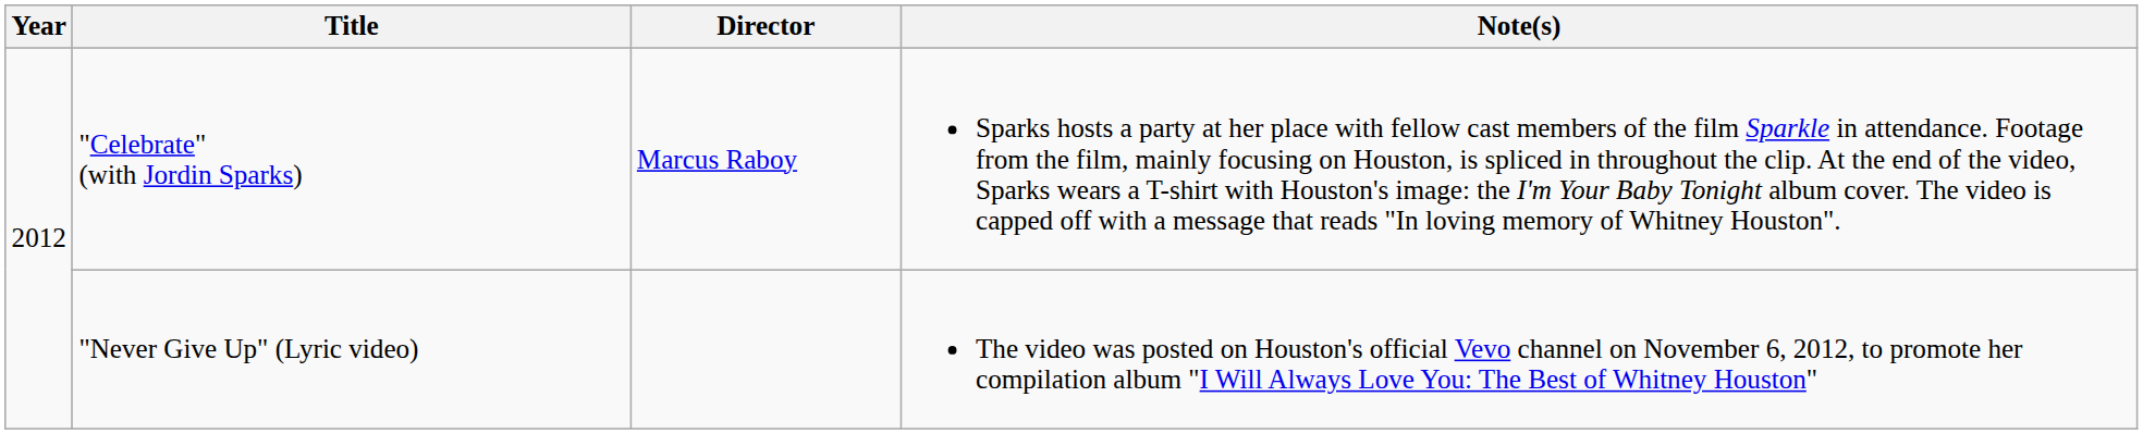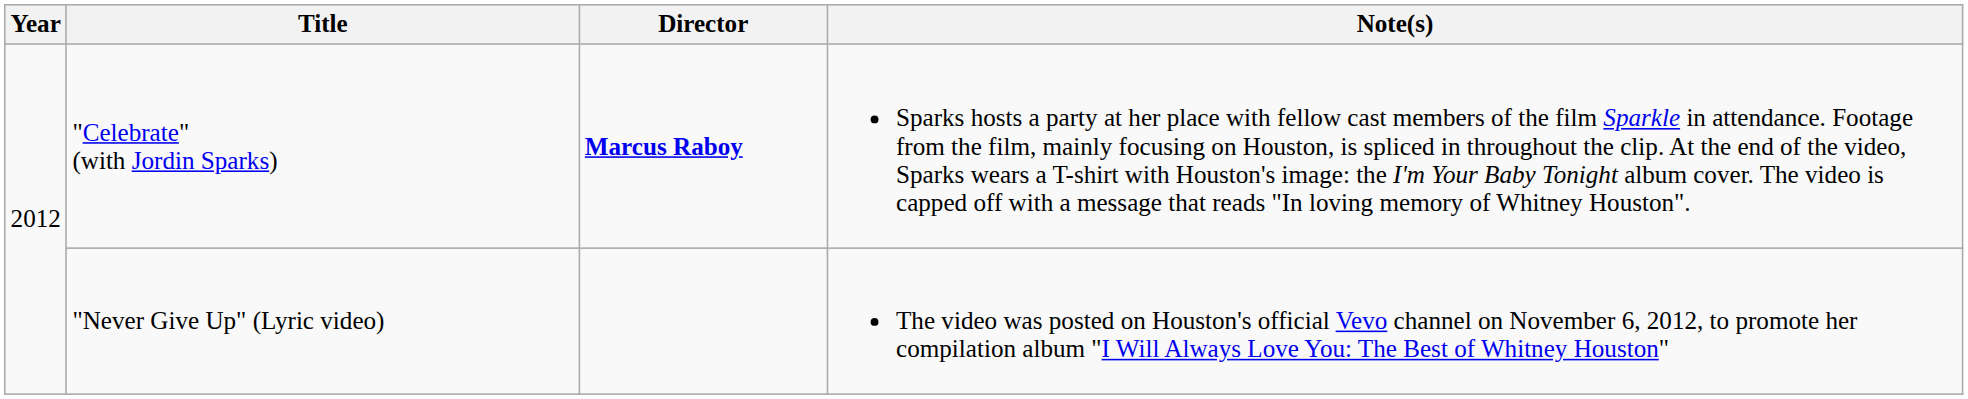 <table class="wikitable">
 <tr>
 <th style="text-align:center;">Year</th>
 <th style="text-align:center; width:27%;">Title</th>
 <th style="text-align:center; width:13%;">Director</th>
 <th style="text-align:center; width:60%;">Note(s)</th>
 </tr>
 <tr>
 <td style="text-align:center;" rowspan="2">2012</td>
 <td>"<a href='#'>Celebrate</a>"<br>(with <a href='#'>Jordin Sparks</a>)</td>
-<td><a href='#'>Marcus Raboy</a></td>
+<td><strong><a href='#'>Marcus Raboy</a></strong></td>
 <td><br><ul><li>Sparks hosts a party at her place with fellow cast members of the film <em><a href='#'>Sparkle</a></em> in attendance. Footage from the film, mainly focusing on Houston, is spliced in throughout the clip. At the end of the video, Sparks wears a T-shirt with Houston's image: the <em>I'm Your Baby Tonight</em> album cover. The video is capped off with a message that reads "In loving memory of Whitney Houston".</li></ul></td>
 </tr>
 <tr>
 <td>"Never Give Up" (Lyric video)</td>
 <td></td>
 <td><br><ul><li>The video was posted on Houston's official <a href='#'>Vevo</a> channel on November 6, 2012, to promote her compilation album "<a href='#'>I Will Always Love You: The Best of Whitney Houston</a>"</li></ul></td>
 </tr>
 </table>
